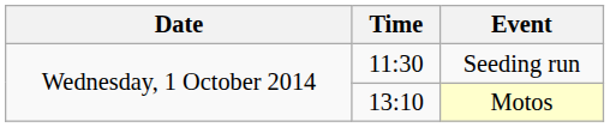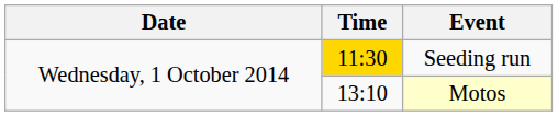 <table class = "wikitable" style="text-align:center;">
 <tr>
 <th width=220>Date</th>
 <th width=50>Time</th>
 <th width=100>Event</th>
 </tr>
 <tr>
 <td rowspan=2>Wednesday, 1 October 2014</td>
-<td>11:30</td>
+<td style="background: gold;">11:30</td>
 <td>Seeding run</td>
 </tr>
 <tr>
 <td>13:10</td>
 <td bgcolor=ffffcc>Motos</td>
 </tr>
 </table>
